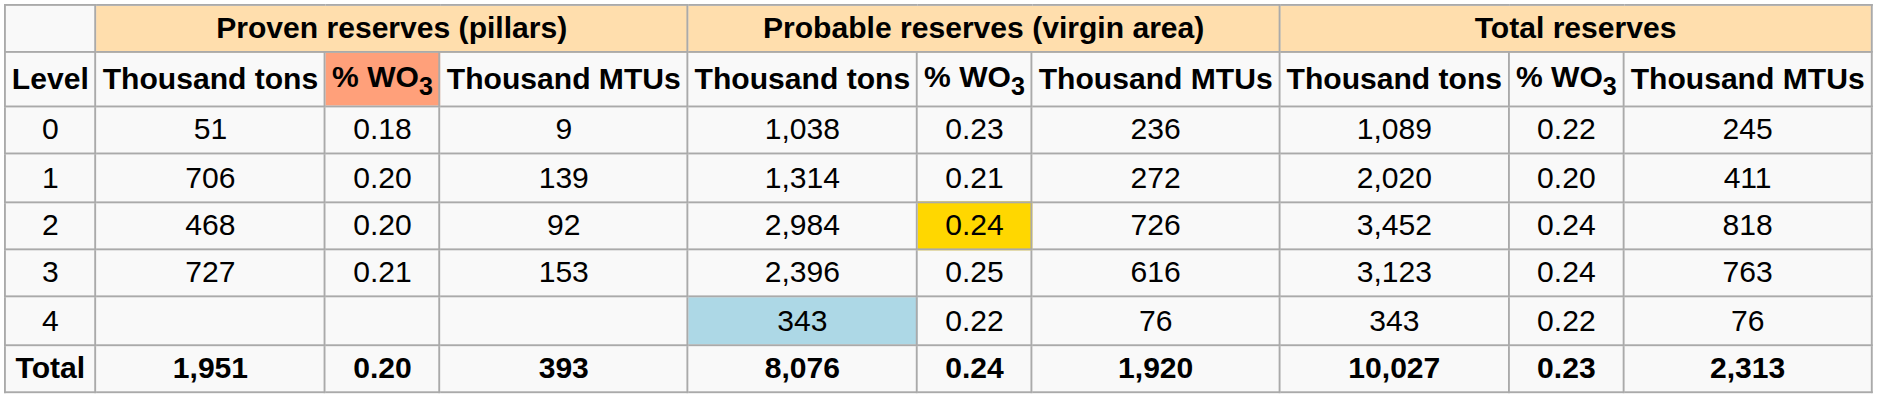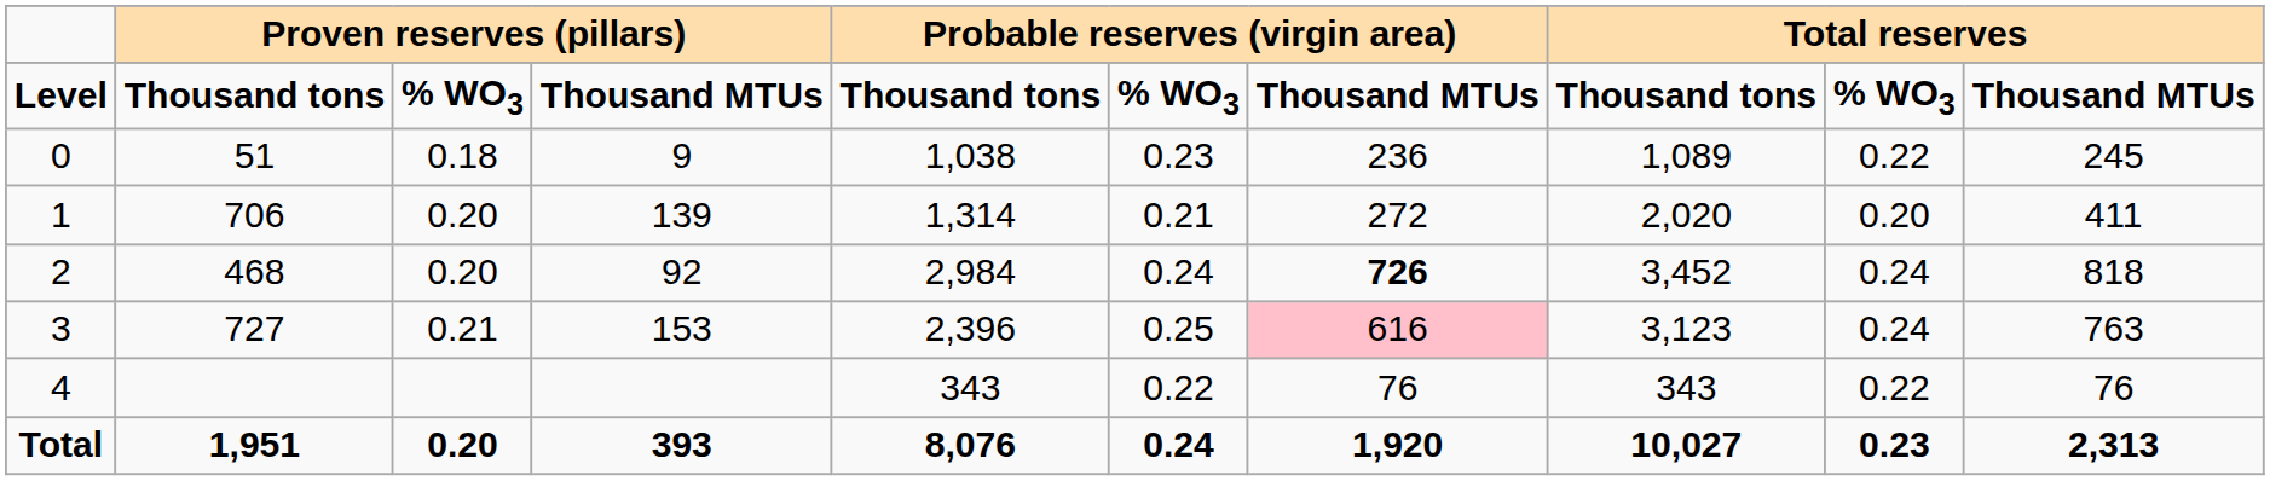 <table class="wikitable" style="text-align: center;">
 <tr>
 <td></td>
 <td colspan=3 style="background: #ffdead;"><strong>Proven reserves (pillars)</strong></td>
 <td colspan=3 style="background: #ffdead;"><strong>Probable reserves (virgin area)</strong></td>
 <td colspan=3 style="background: #ffdead;"><strong>Total reserves</strong></td>
 </tr>
 <tr>
 <td><strong>Level</strong></td>
 <td><strong>Thousand tons</strong></td>
-<td style="background: lightsalmon;"><strong>% WO<sub>3</sub></strong></td>
+<td><strong>% WO<sub>3</sub></strong></td>
 <td><strong>Thousand MTUs</strong></td>
 <td><strong>Thousand tons</strong></td>
 <td><strong>% WO<sub>3</sub></strong></td>
 <td><strong> Thousand MTUs</strong></td>
 <td><strong> Thousand tons</strong></td>
 <td><strong>% WO<sub>3</sub></strong></td>
 <td><strong> Thousand MTUs</strong></td>
 </tr>
 <tr>
 <td>0</td>
 <td>51</td>
 <td>0.18</td>
 <td>9</td>
 <td>1,038</td>
 <td>0.23</td>
 <td>236</td>
 <td>1,089</td>
 <td>0.22</td>
 <td>245</td>
 </tr>
 <tr>
 <td>1</td>
 <td>706</td>
 <td>0.20</td>
 <td>139</td>
 <td>1,314</td>
 <td>0.21</td>
 <td>272</td>
 <td>2,020</td>
 <td>0.20</td>
 <td>411</td>
 </tr>
 <tr>
 <td>2</td>
 <td>468</td>
 <td>0.20</td>
 <td>92</td>
 <td>2,984</td>
-<td style="background: gold;">0.24</td>
-<td>726</td>
+<td>0.24</td>
+<td><strong>726</strong></td>
 <td>3,452</td>
 <td>0.24</td>
 <td>818</td>
 </tr>
 <tr>
 <td>3</td>
 <td>727</td>
 <td>0.21</td>
 <td>153</td>
 <td>2,396</td>
 <td>0.25</td>
-<td>616</td>
+<td style="background: pink;">616</td>
 <td>3,123</td>
 <td>0.24</td>
 <td>763</td>
 </tr>
 <tr>
 <td>4</td>
 <td></td>
 <td></td>
 <td></td>
-<td style="background: lightblue;">343</td>
+<td>343</td>
 <td>0.22</td>
 <td>76</td>
 <td>343</td>
 <td>0.22</td>
 <td>76</td>
 </tr>
 <tr>
 <td><strong>Total</strong></td>
 <td><strong>1,951</strong></td>
 <td><strong>0.20</strong></td>
 <td><strong>393</strong></td>
 <td><strong>8,076</strong></td>
 <td><strong>0.24</strong></td>
 <td><strong>1,920</strong></td>
 <td><strong>10,027</strong></td>
 <td><strong>0.23</strong></td>
 <td><strong>2,313</strong></td>
 </tr>
 </table>
